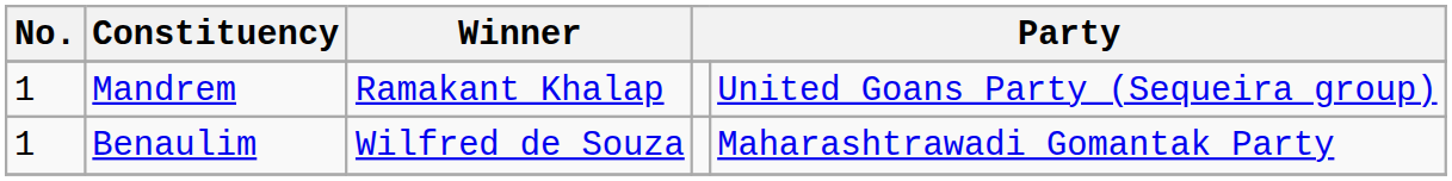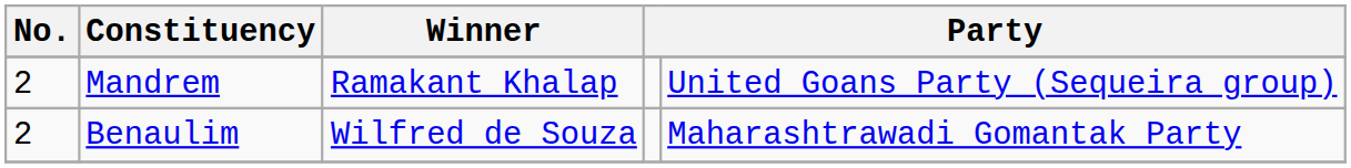 <table class="wikitable sortable" border="1">
 <tr>
 <th>No.</th>
 <th>Constituency</th>
 <th>Winner</th>
 <th colspan="2">Party</th>
 </tr>
 <tr>
 </tr>
 <tr>
-<td>1</td>
+<td>2</td>
 <td><a href='#'>Mandrem</a></td>
 <td><a href='#'>Ramakant Khalap</a></td>
 <td></td>
 <td><a href='#'>United Goans Party (Sequeira group)</a></td>
 </tr>
 <tr>
 </tr>
 <tr>
-<td>1</td>
+<td>2</td>
 <td><a href='#'>Benaulim</a></td>
 <td><a href='#'>Wilfred de Souza</a></td>
 <td></td>
 <td><a href='#'>Maharashtrawadi Gomantak Party</a></td>
 </tr>
 <tr>
 </tr>
 </table>
